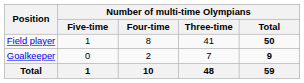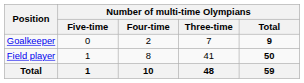 <table class="wikitable sortable" style="text-align: center; font-size: 90%; margin-left: 1em;">
 <tr>
 <th rowspan="2">Position</th>
 <th colspan="4">Number of multi-time Olympians</th>
 </tr>
 <tr>
 <th style="width: 6em;">Five-time</th>
 <th style="width: 6em;">Four-time</th>
 <th style="width: 6em;">Three-time</th>
 <th style="width: 6em;">Total</th>
 </tr>
 <tr>
+<td style="text-align: left;"><a href='#'>Goalkeeper</a></td>
+<td>0</td>
+<td>2</td>
+<td>7</td>
+<td><strong>9</strong></td>
+</tr>
+<tr>
 <td style="text-align: left;"><a href='#'>Field player</a></td>
 <td>1</td>
 <td>8</td>
 <td>41</td>
 <td><strong>50</strong></td>
-</tr>
-<tr>
-<td style="text-align: left;"><a href='#'>Goalkeeper</a></td>
-<td>0</td>
-<td>2</td>
-<td>7</td>
-<td><strong>9</strong></td>
 </tr>
 <tr>
 <th>Total</th>
 <th>1</th>
 <th>10</th>
 <th>48</th>
 <th>59</th>
 </tr>
 </table>
